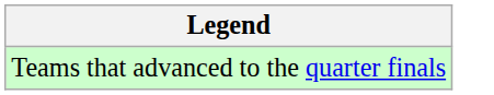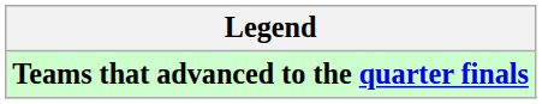 <table class="wikitable">
 <tr>
 <th>Legend</th>
 </tr>
 <tr bgcolor=#ccffcc>
-<td>Teams that advanced to the <a href='#'>quarter finals</a></td>
+<td><strong>Teams that advanced to the <a href='#'>quarter finals</a></strong></td>
 </tr>
 </table>
